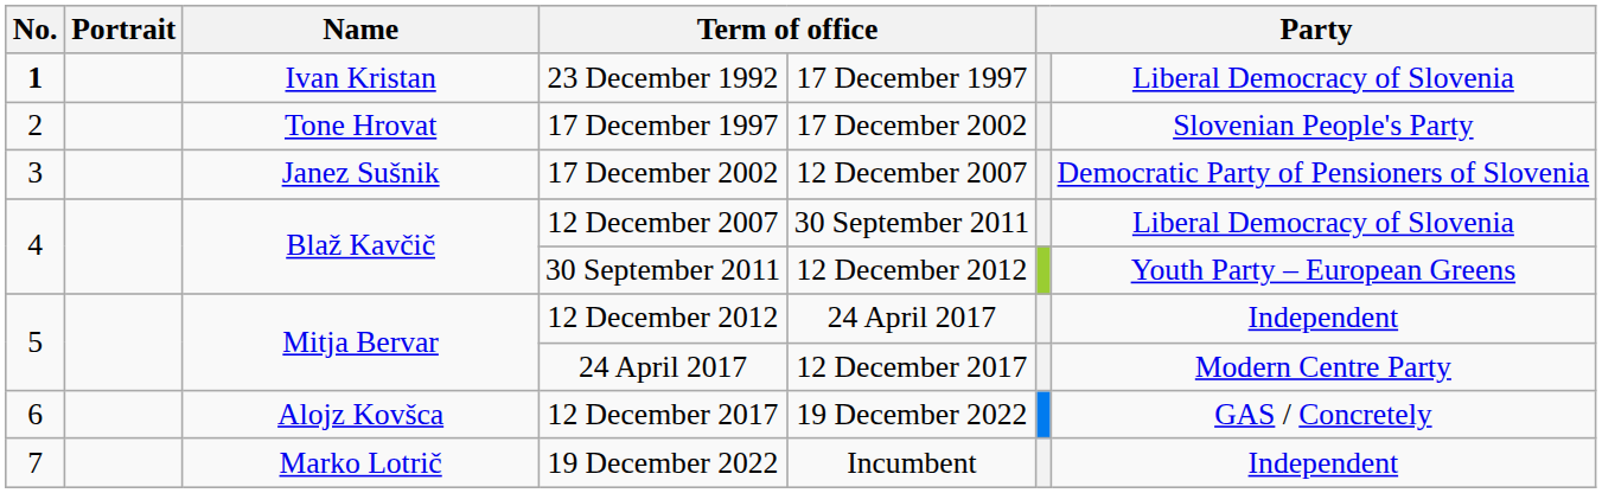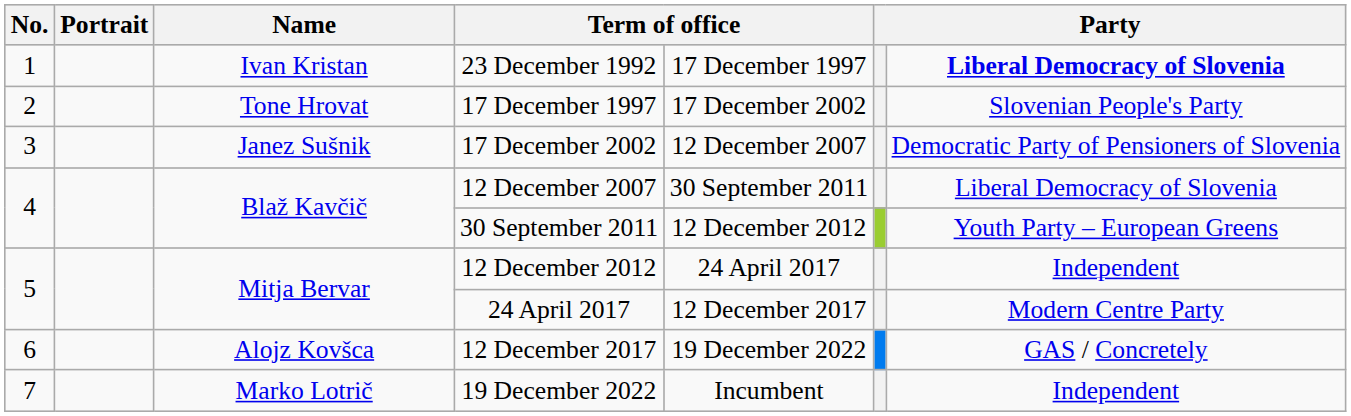 <table class="wikitable" style="text-align:center">
 <tr>
 <th>No.</th>
 <th>Portrait</th>
 <th width=180>Name</th>
 <th colspan=2>Term of office</th>
 <th colspan=2>Party</th>
 </tr>
 <tr>
-<td><strong>1</strong></td>
+<td>1</td>
 <td></td>
 <td><a href='#'>Ivan Kristan</a></td>
 <td>23 December 1992</td>
 <td>17 December 1997</td>
 <th style="background:"></th>
-<td><a href='#'>Liberal Democracy of Slovenia</a></td>
+<td><strong><a href='#'>Liberal Democracy of Slovenia</a></strong></td>
 </tr>
 <tr>
 <td>2</td>
 <td></td>
 <td><a href='#'>Tone Hrovat</a></td>
 <td>17 December 1997</td>
 <td>17 December 2002</td>
 <th style="background:"></th>
 <td><a href='#'>Slovenian People's Party</a></td>
 </tr>
 <tr>
 <td>3</td>
 <td></td>
 <td><a href='#'>Janez Sušnik</a></td>
 <td>17 December 2002</td>
 <td>12 December 2007</td>
 <th style="background:"></th>
 <td><a href='#'>Democratic Party of Pensioners of Slovenia</a></td>
 </tr>
 <tr>
 <td rowspan="2">4</td>
 <td rowspan="2"></td>
 <td rowspan="2"><a href='#'>Blaž Kavčič</a></td>
 <td>12 December 2007</td>
 <td>30 September 2011</td>
 <th style="background:"></th>
 <td><a href='#'>Liberal Democracy of Slovenia</a></td>
 </tr>
 <tr>
 <td>30 September 2011</td>
 <td>12 December 2012</td>
 <th style="background:#9ACD32;"></th>
 <td><a href='#'>Youth Party – European Greens</a></td>
 </tr>
 <tr>
 <td rowspan="2">5</td>
 <td rowspan="2"></td>
 <td rowspan="2"><a href='#'>Mitja Bervar</a></td>
 <td>12 December 2012</td>
 <td>24 April 2017</td>
 <th style="background:"></th>
 <td><a href='#'>Independent</a></td>
 </tr>
 <tr>
 <td>24 April 2017</td>
 <td>12 December 2017</td>
 <th style="background:"></th>
 <td><a href='#'>Modern Centre Party</a></td>
 </tr>
 <tr>
 <td>6</td>
 <td></td>
 <td><a href='#'>Alojz Kovšca</a></td>
 <td>12 December 2017</td>
 <td>19 December 2022</td>
 <th style="background:#007bef"></th>
 <td><a href='#'>GAS</a> / <a href='#'>Concretely</a></td>
 </tr>
 <tr>
 <td>7</td>
 <td></td>
 <td><a href='#'>Marko Lotrič</a></td>
 <td>19 December 2022</td>
 <td>Incumbent</td>
 <th style="background:"></th>
 <td><a href='#'>Independent</a></td>
 </tr>
 </table>
